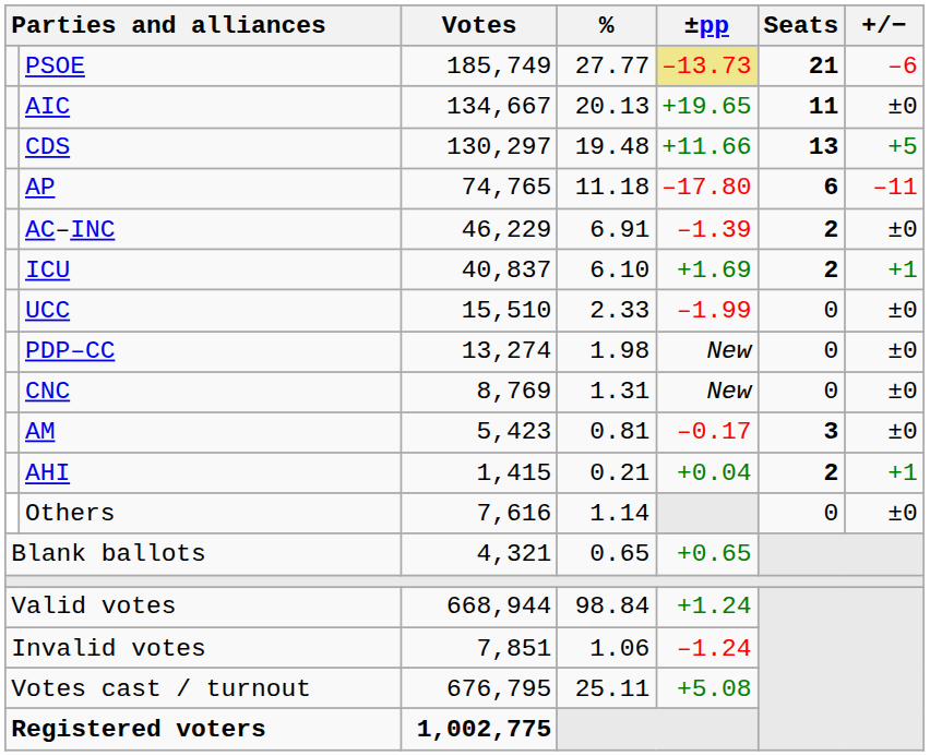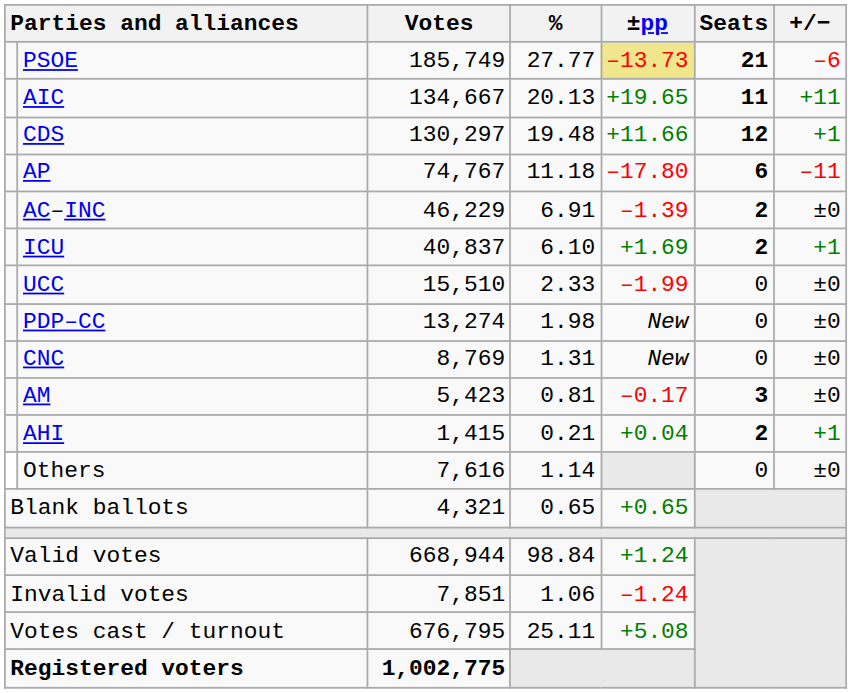 <table class="wikitable" style="text-align:right;">
 <tr>
 <th style="text-align:left;" colspan="2" width="200">Parties and alliances</th>
 <th width="75">Votes</th>
 <th width="45">%</th>
 <th width="45">±<a href='#'>pp</a></th>
 <th width="35">Seats</th>
 <th width="35">+/−</th>
 </tr>
 <tr>
 <td width="1" style="color:inherit;background:"></td>
 <td align="left"><a href='#'>PSOE</a></td>
 <td>185,749</td>
 <td>27.77</td>
 <td style="background: khaki; color:red;">–13.73</td>
 <td><strong>21</strong></td>
 <td style="color:red;">–6</td>
 </tr>
 <tr>
 <td style="color:inherit;background:"></td>
 <td align="left"><a href='#'>AIC</a></td>
 <td>134,667</td>
 <td>20.13</td>
 <td style="color:green;">+19.65</td>
 <td><strong>11</strong></td>
-<td>±0</td>
+<td style="color:green;">+11</td>
 </tr>
 <tr>
 <td style="color:inherit;background:"></td>
 <td align="left"><a href='#'>CDS</a></td>
 <td>130,297</td>
 <td>19.48</td>
 <td style="color:green;">+11.66</td>
-<td><strong>13</strong></td>
-<td style="color:green;">+5</td>
+<td><strong>12</strong></td>
+<td style="color:green;">+1</td>
 </tr>
 <tr>
 <td style="color:inherit;background:"></td>
 <td align="left"><a href='#'>AP</a></td>
-<td>74,765</td>
+<td>74,767</td>
 <td>11.18</td>
 <td style="color:red;">–17.80</td>
 <td><strong>6</strong></td>
 <td style="color:red;">–11</td>
 </tr>
 <tr>
 <td style="color:inherit;background:"></td>
 <td align="left"><a href='#'>AC</a>–<a href='#'>INC</a></td>
 <td>46,229</td>
 <td>6.91</td>
 <td style="color:red;">–1.39</td>
 <td><strong>2</strong></td>
 <td>±0</td>
 </tr>
 <tr>
 <td style="color:inherit;background:"></td>
 <td align="left"><a href='#'>ICU</a></td>
 <td>40,837</td>
 <td>6.10</td>
 <td style="color:green;">+1.69</td>
 <td><strong>2</strong></td>
 <td style="color:green;">+1</td>
 </tr>
 <tr>
 <td style="color:inherit;background:"></td>
 <td align="left"><a href='#'>UCC</a></td>
 <td>15,510</td>
 <td>2.33</td>
 <td style="color:red;">–1.99</td>
 <td>0</td>
 <td>±0</td>
 </tr>
 <tr>
 <td style="color:inherit;background:"></td>
 <td align="left"><a href='#'>PDP–CC</a></td>
 <td>13,274</td>
 <td>1.98</td>
 <td><em>New</em></td>
 <td>0</td>
 <td>±0</td>
 </tr>
 <tr>
 <td style="color:inherit;background:"></td>
 <td align="left"><a href='#'>CNC</a></td>
 <td>8,769</td>
 <td>1.31</td>
 <td><em>New</em></td>
 <td>0</td>
 <td>±0</td>
 </tr>
 <tr>
 <td style="color:inherit;background:"></td>
 <td align="left"><a href='#'>AM</a></td>
 <td>5,423</td>
 <td>0.81</td>
 <td style="color:red;">–0.17</td>
 <td><strong>3</strong></td>
 <td>±0</td>
 </tr>
 <tr>
 <td style="color:inherit;background:"></td>
 <td align="left"><a href='#'>AHI</a></td>
 <td>1,415</td>
 <td>0.21</td>
 <td style="color:green;">+0.04</td>
 <td><strong>2</strong></td>
 <td style="color:green;">+1</td>
 </tr>
 <tr>
 <td bgcolor="white"></td>
 <td align="left">Others</td>
 <td>7,616</td>
 <td>1.14</td>
 <td bgcolor="#E9E9E9"></td>
 <td>0</td>
 <td>±0</td>
 </tr>
 <tr>
 <td align="left" colspan="2">Blank ballots</td>
 <td>4,321</td>
 <td>0.65</td>
 <td style="color:green;">+0.65</td>
 <td bgcolor="#E9E9E9" colspan="2"></td>
 </tr>
 <tr>
 <td colspan="7" bgcolor="#E9E9E9"></td>
 </tr>
 <tr>
 <td align="left" colspan="2">Valid votes</td>
 <td>668,944</td>
 <td>98.84</td>
 <td style="color:green;">+1.24</td>
 <td bgcolor="#E9E9E9" colspan="2" rowspan="4"></td>
 </tr>
 <tr>
 <td align="left" colspan="2">Invalid votes</td>
 <td>7,851</td>
 <td>1.06</td>
 <td style="color:red;">–1.24</td>
 </tr>
 <tr>
 <td align="left" colspan="2">Votes cast / turnout</td>
 <td>676,795</td>
 <td>25.11</td>
 <td style="color:green;">+5.08</td>
 </tr>
 <tr style="font-weight:bold;">
 <td align="left" colspan="2">Registered voters</td>
 <td>1,002,775</td>
 <td bgcolor="#E9E9E9" colspan="2"></td>
 </tr>
 </table>
